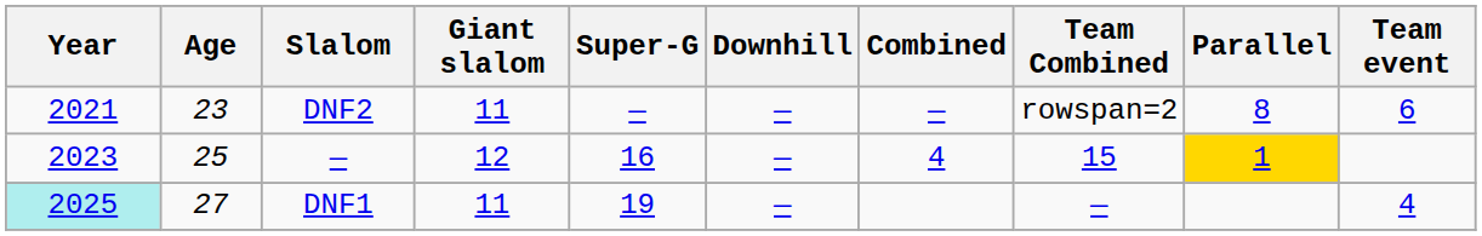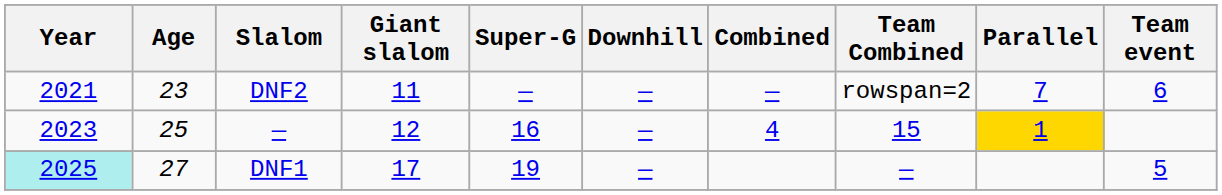 <table class=wikitable style="text-align:center">
 <tr>
 <th>  Year  </th>
 <th> Age </th>
 <th> Slalom </th>
 <th> Giant <br> slalom </th>
 <th>Super-G</th>
 <th>Downhill</th>
 <th>Combined</th>
 <th>Team<br>Combined</th>
 <th>Parallel</th>
 <th>Team<br> event </th>
 </tr>
 <tr>
 <td><a href='#'>2021</a></td>
 <td><em>23</em></td>
 <td><a href='#'>DNF2</a></td>
 <td><a href='#'>11</a></td>
 <td><a href='#'>—</a></td>
 <td><a href='#'>—</a></td>
 <td><a href='#'>—</a></td>
 <td>rowspan=2</td>
-<td><a href='#'>8</a></td>
+<td><a href='#'>7</a></td>
 <td><a href='#'>6</a></td>
 </tr>
 <tr>
 <td><a href='#'>2023</a></td>
 <td><em>25</em></td>
 <td><a href='#'>—</a></td>
 <td><a href='#'>12</a></td>
 <td><a href='#'>16</a></td>
 <td><a href='#'>—</a></td>
 <td><a href='#'>4</a></td>
 <td><a href='#'>15</a></td>
 <td style="background:gold;"><a href='#'>1</a></td>
 </tr>
 <tr>
 <td style="background: paleturquoise;"><a href='#'>2025</a></td>
 <td><em>27</em></td>
 <td><a href='#'>DNF1</a></td>
-<td><a href='#'>11</a></td>
+<td><a href='#'>17</a></td>
 <td><a href='#'>19</a></td>
 <td><a href='#'>—</a></td>
 <td></td>
 <td><a href='#'>—</a></td>
 <td></td>
-<td><a href='#'>4</a></td>
+<td><a href='#'>5</a></td>
 </tr>
 </table>
